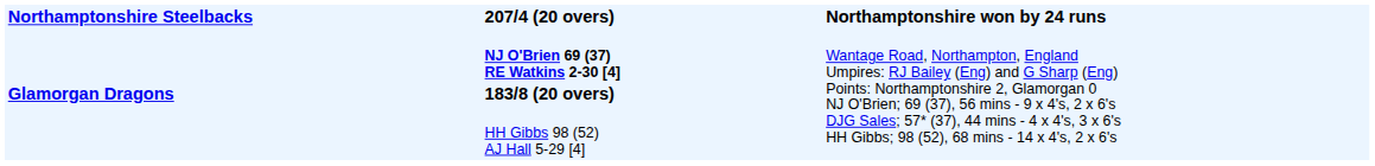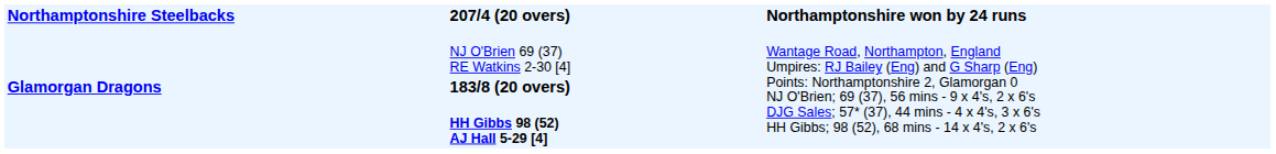 <table style="width:100%; background:#ebf5ff;">
 <tr>
 <td style="width:35%; vertical-align:top;" rowspan="2"><strong><a href='#'>Northamptonshire Steelbacks</a></strong></td>
 <td style="width:25%;"><strong>207/4 (20 overs)</strong></td>
 <td style="width:40%;"><strong>Northamptonshire won by 24 runs</strong></td>
 </tr>
 <tr>
-<td style="font-size: 85%;"><strong><br><a href='#'>NJ O'Brien</a> 69 (37)<br> <a href='#'>RE Watkins</a> 2-30 [4]</strong></td>
+<td style="font-size: 85%;"><br><a href='#'>NJ O'Brien</a> 69 (37)<br> <a href='#'>RE Watkins</a> 2-30 [4]</td>
 <td style="vertical-align:top; font-size:85%;" rowspan="3"><br><a href='#'>Wantage Road</a>, <a href='#'>Northampton</a>, <a href='#'>England</a><br> Umpires: <a href='#'>RJ Bailey</a> (<a href='#'>Eng</a>) and <a href='#'>G Sharp</a> (<a href='#'>Eng</a>)<br> Points: Northamptonshire 2, Glamorgan 0<br>NJ O'Brien; 69 (37), 56 mins - 9 x 4's, 2 x 6's<br> <a href='#'>DJG Sales</a>; 57* (37), 44 mins - 4 x 4's, 3 x 6's<br> HH Gibbs; 98 (52), 68 mins - 14 x 4's, 2 x 6's</td>
 </tr>
 <tr>
 <td style="vertical-align:top;" rowspan="2"><strong><a href='#'>Glamorgan Dragons</a></strong></td>
 <td><strong>183/8 (20 overs)</strong></td>
 </tr>
 <tr>
-<td style="font-size: 85%;"><br><a href='#'>HH Gibbs</a> 98 (52)<br> <a href='#'>AJ Hall</a> 5-29 [4]</td>
+<td style="font-size: 85%;"><strong><br><a href='#'>HH Gibbs</a> 98 (52)<br> <a href='#'>AJ Hall</a> 5-29 [4]</strong></td>
 </tr>
 </table>
